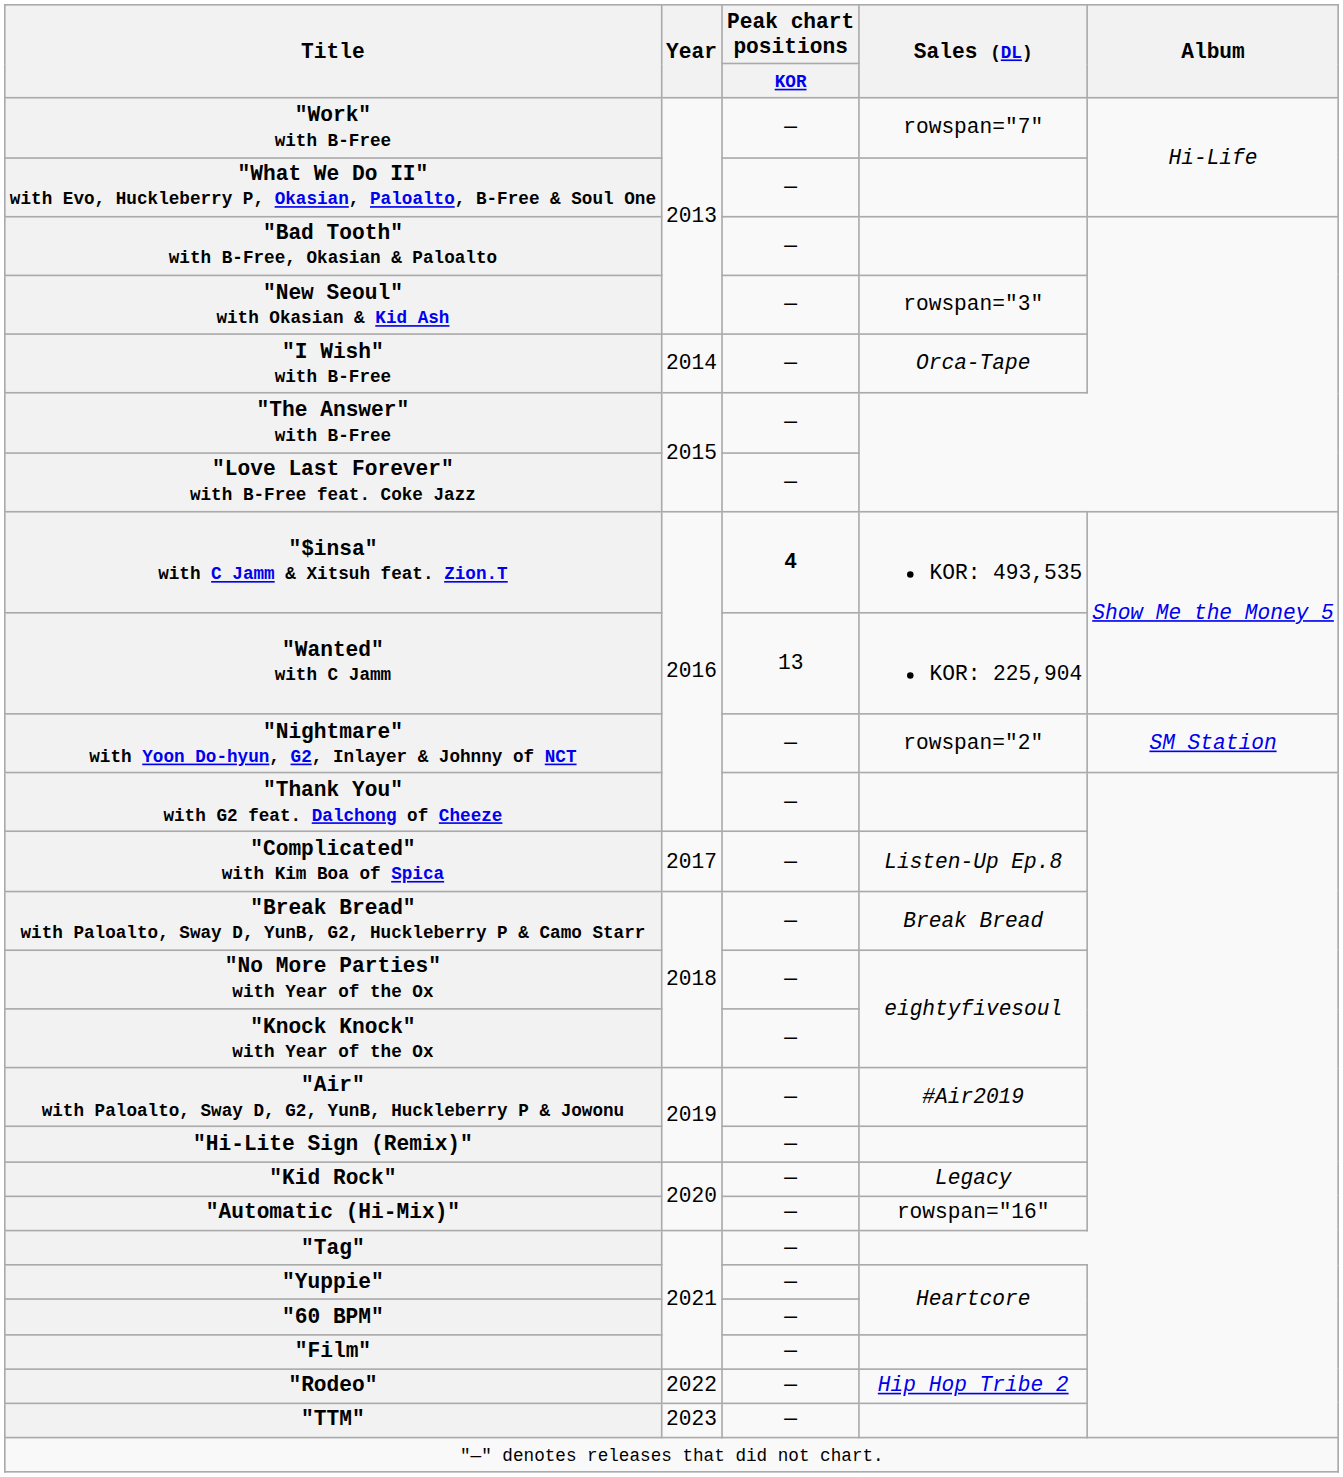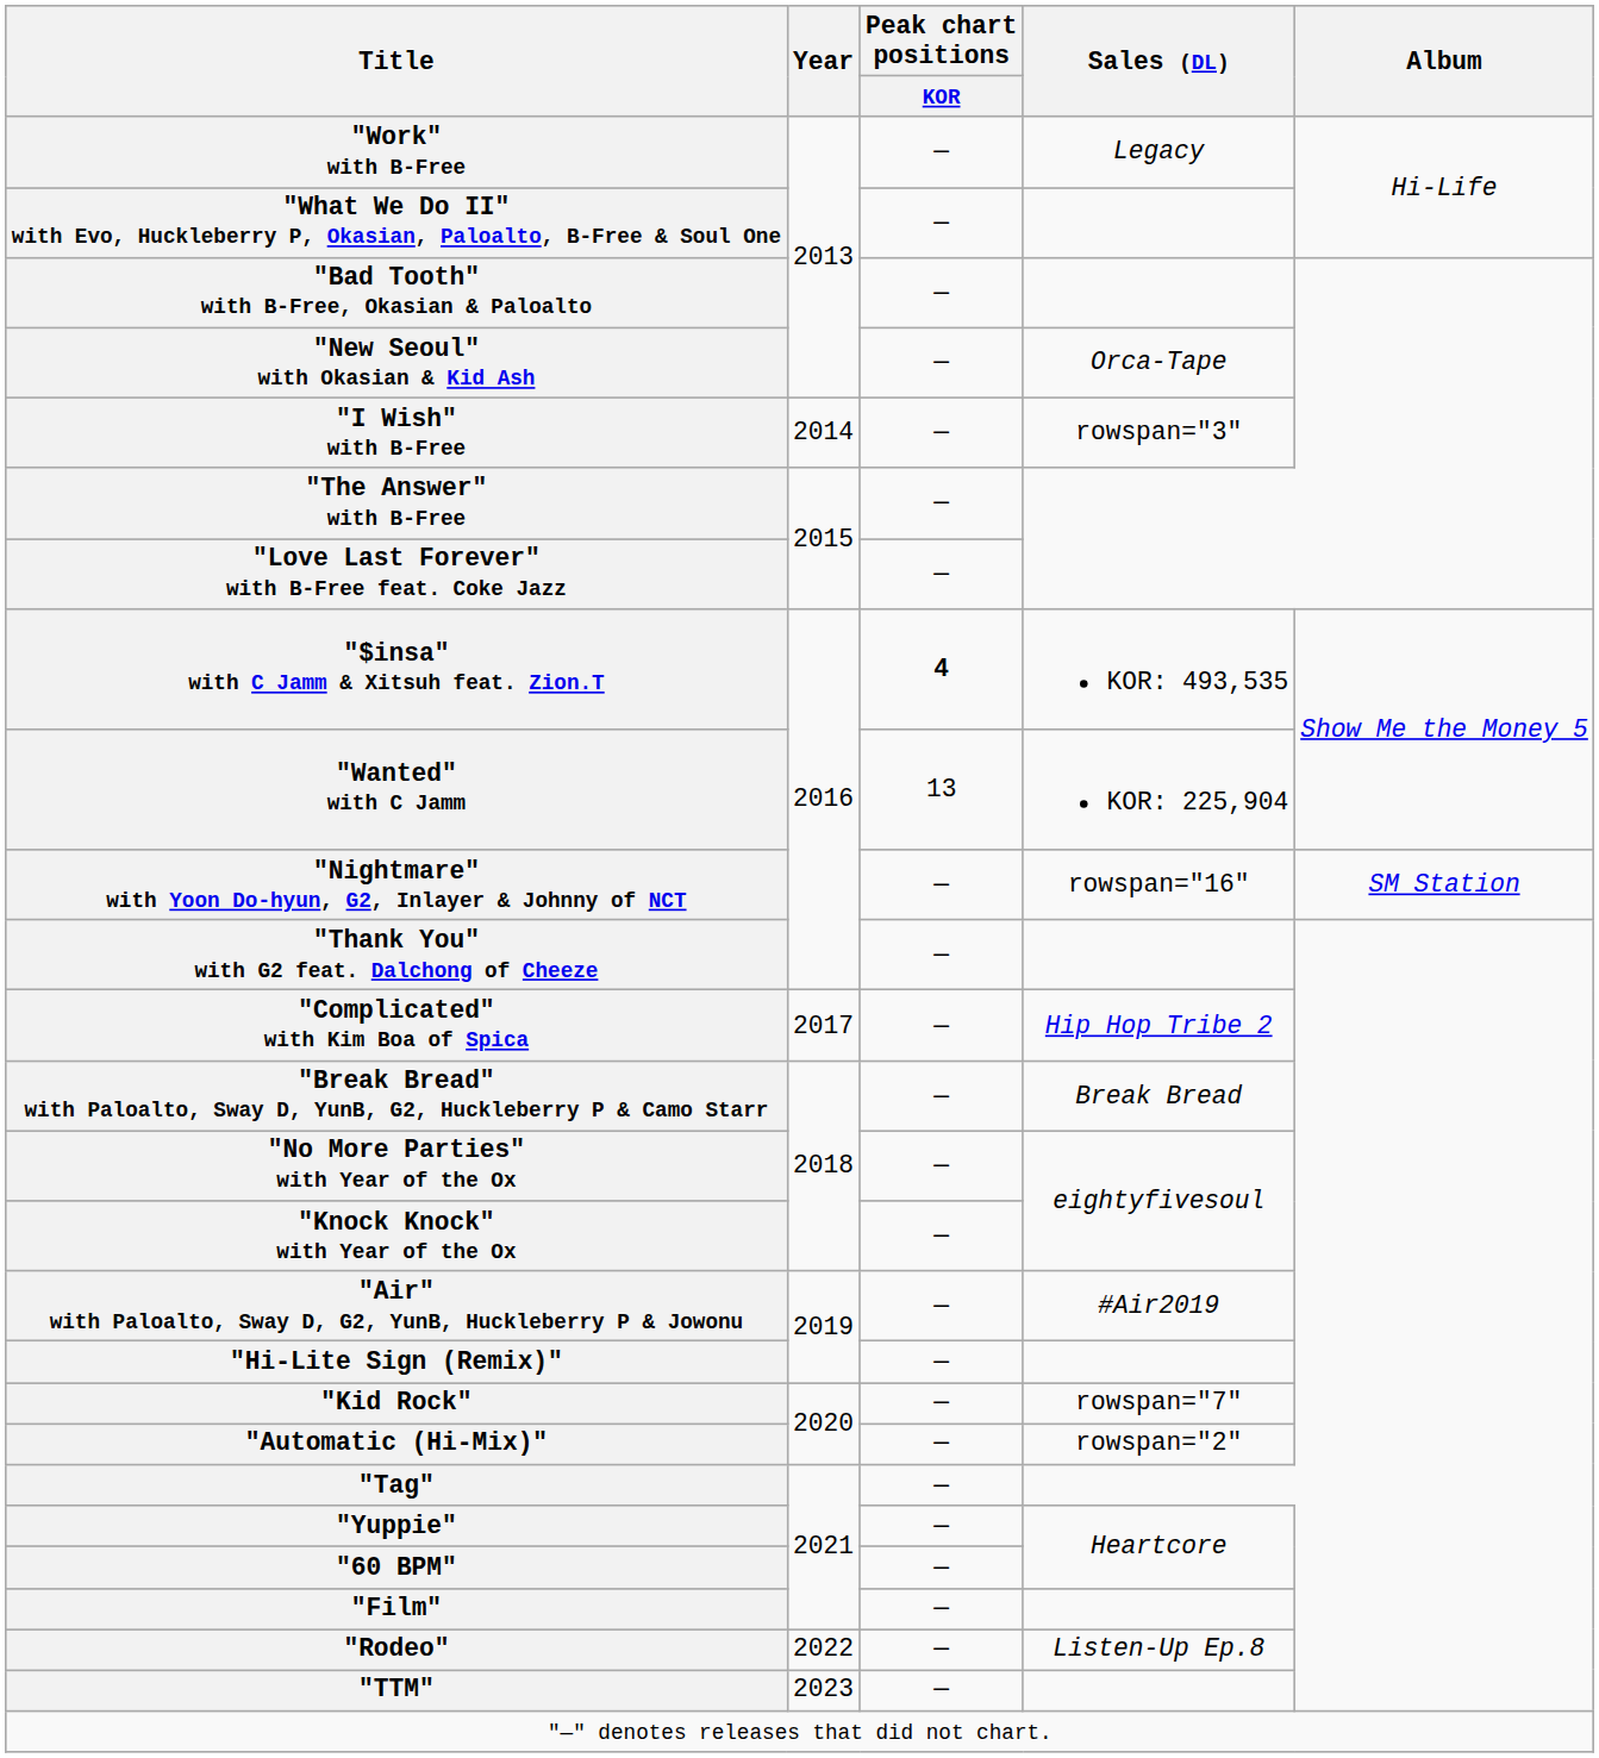 <table class="wikitable plainrowheaders" style="text-align:center;">
 <tr>
 <th scope="col" rowspan="2">Title</th>
 <th scope="col" rowspan="2">Year</th>
 <th scope="col" colspan="1">Peak chart <br> positions</th>
 <th scope="col" rowspan="2">Sales <small>(<a href='#'>DL</a>)</small></th>
 <th scope="col" rowspan="2">Album</th>
 </tr>
 <tr>
 <th><small><a href='#'>KOR</a></small><br></th>
 </tr>
 <tr>
 <th scope="row">"Work" <br><small>with B-Free</small></th>
 <td rowspan="4">2013</td>
 <td>—</td>
-<td>rowspan="7" </td>
+<td><em>Legacy</em></td>
 <td rowspan="2"><em>Hi-Life</em></td>
 </tr>
 <tr>
 <th scope="row">"What We Do II" <br><small>with Evo, Huckleberry P, <a href='#'>Okasian</a>, <a href='#'>Paloalto</a>,  B-Free & Soul One </small></th>
 <td>—</td>
 </tr>
 <tr>
 <th scope="row">"Bad Tooth" <br><small>with B-Free, Okasian & Paloalto </small></th>
 <td>—</td>
 <td></td>
 </tr>
 <tr>
 <th scope="row">"New Seoul" <br><small>with Okasian & <a href='#'>Kid Ash</a> </small></th>
 <td>—</td>
-<td>rowspan="3" </td>
+<td><em>Orca-Tape</em></td>
 </tr>
 <tr>
 <th scope="row">"I Wish" <br><small>with B-Free</small></th>
 <td>2014</td>
 <td>—</td>
-<td><em>Orca-Tape</em></td>
+<td>rowspan="3" </td>
 </tr>
 <tr>
 <th scope="row">"The Answer" <br><small>with B-Free</small></th>
 <td rowspan="2">2015</td>
 <td>—</td>
 </tr>
 <tr>
 <th scope="row">"Love Last Forever" <br><small>with B-Free feat. Coke Jazz</small></th>
 <td>—</td>
 </tr>
 <tr>
 <th scope="row">"$insa" <br><small>with <a href='#'>C Jamm</a> & Xitsuh feat. <a href='#'>Zion.T</a></small></th>
 <td rowspan="4">2016</td>
 <td><strong>4</strong></td>
 <td><br><ul><li>KOR: 493,535</li></ul></td>
 <td rowspan="2"><em><a href='#'>Show Me the Money 5</a></em></td>
 </tr>
 <tr>
 <th scope="row">"Wanted" <br><small>with C Jamm</small></th>
 <td>13</td>
 <td><br><ul><li>KOR: 225,904</li></ul></td>
 </tr>
 <tr>
 <th scope="row">"Nightmare" <br><small>with <a href='#'>Yoon Do-hyun</a>, <a href='#'>G2</a>, Inlayer & Johnny of <a href='#'>NCT</a></small></th>
 <td>—</td>
-<td>rowspan="2" </td>
+<td>rowspan="16" </td>
 <td><em><a href='#'>SM Station</a></em></td>
 </tr>
 <tr>
 <th scope="row">"Thank You" <br><small>with G2 feat. <a href='#'>Dalchong</a> of <a href='#'>Cheeze</a></small></th>
 <td>—</td>
 <td></td>
 </tr>
 <tr>
 <th scope="row">"Complicated" <br><small>with Kim Boa of <a href='#'>Spica</a></small></th>
 <td>2017</td>
 <td>—</td>
-<td><em>Listen-Up Ep.8</em></td>
+<td><em><a href='#'>Hip Hop Tribe 2</a></em></td>
 </tr>
 <tr>
 <th scope="row">"Break Bread" <br><small>with Paloalto, Sway D, YunB, G2, Huckleberry P & Camo Starr</small></th>
 <td rowspan="3">2018</td>
 <td>—</td>
 <td><em>Break Bread</em></td>
 </tr>
 <tr>
 <th scope="row">"No More Parties" <br><small>with Year of the Ox</small></th>
 <td>—</td>
 <td rowspan="2"><em>eightyfivesoul</em></td>
 </tr>
 <tr>
 <th scope="row">"Knock Knock" <br><small>with Year of the Ox</small></th>
 <td>—</td>
 </tr>
 <tr>
 <th scope="row">"Air"<br><small>with Paloalto, Sway D, G2, YunB, Huckleberry P & Jowonu</small></th>
 <td rowspan="2">2019</td>
 <td>—</td>
 <td><em>#Air2019</em></td>
 </tr>
 <tr>
 <th scope="row">"Hi-Lite Sign (Remix)" <br></th>
 <td>—</td>
 <td></td>
 </tr>
 <tr>
 <th scope="row">"Kid Rock"<br></th>
 <td rowspan="2">2020</td>
 <td>—</td>
-<td><em>Legacy</em></td>
+<td>rowspan="7" </td>
 </tr>
 <tr>
 <th scope="row">"Automatic (Hi-Mix)"<br></th>
 <td>—</td>
-<td>rowspan="16" </td>
+<td>rowspan="2" </td>
 </tr>
 <tr>
 <th scope="row">"Tag"<br></th>
 <td rowspan="4">2021</td>
 <td>—</td>
 </tr>
 <tr>
 <th scope="row">"Yuppie"<br></th>
 <td>—</td>
 <td rowspan="2"><em>Heartcore</em></td>
 </tr>
 <tr>
 <th scope="row">"60 BPM"<br></th>
 <td>—</td>
 </tr>
 <tr>
 <th scope="row">"Film"<br></th>
 <td>—</td>
 <td></td>
 </tr>
 <tr>
 <th scope="row">"Rodeo" <br></th>
 <td>2022</td>
 <td>—</td>
-<td><em><a href='#'>Hip Hop Tribe 2</a></em></td>
+<td><em>Listen-Up Ep.8</em></td>
 </tr>
 <tr>
 <th scope="row">"TTM"<br></th>
 <td>2023</td>
 <td>—</td>
 <td></td>
 </tr>
 <tr>
 <td colspan="5" align="center"><small>"—" denotes releases that did not chart.</small></td>
 </tr>
 </table>
